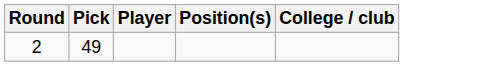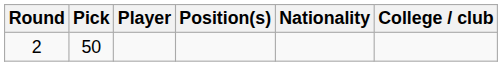 <table class="wikitable sortable sortable">
 <tr>
 <th>Round</th>
 <th>Pick</th>
 <th>Player</th>
 <th>Position(s)</th>
+<th>Nationality</th>
 <th>College / club</th>
 </tr>
 <tr style="text-align: center">
 <td>2</td>
-<td>49</td>
+<td>50</td>
+<td></td>
 <td></td>
 <td></td>
 <td></td>
 </tr>
 </table>
